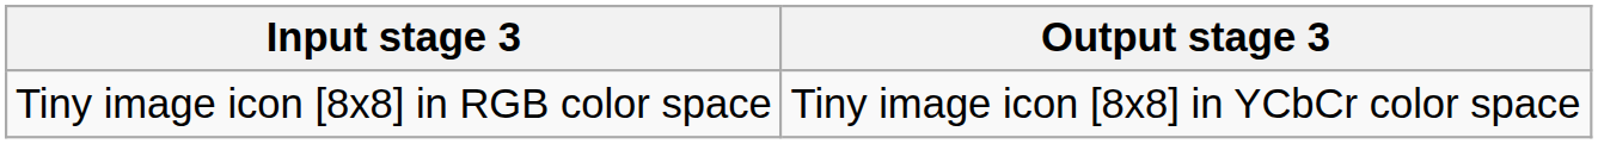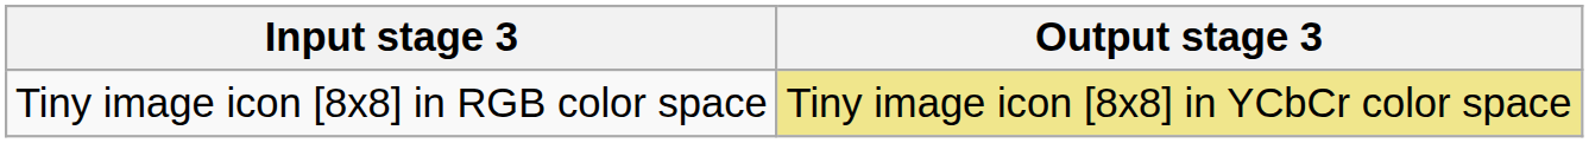 <table class="wikitable">
 <tr>
 <th>Input stage 3</th>
 <th>Output stage 3</th>
 </tr>
 <tr>
 <td>Tiny image icon [8x8] in RGB color space</td>
-<td>Tiny image icon [8x8] in YCbCr color space</td>
+<td style="background: khaki;">Tiny image icon [8x8] in YCbCr color space</td>
 </tr>
 </table>
